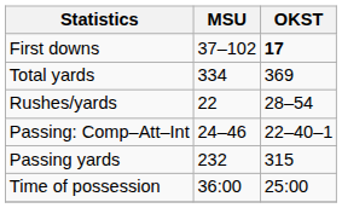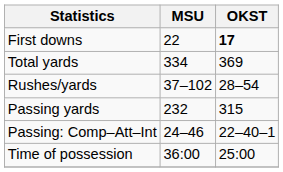 <table class="wikitable" style="float: left;">
 <tr>
 <th>Statistics</th>
 <th>MSU</th>
 <th>OKST</th>
 </tr>
 <tr>
 <td>First downs</td>
-<td>37–102</td>
+<td>22</td>
 <td><strong>17</strong></td>
 </tr>
 <tr>
 <td>Total yards</td>
 <td>334</td>
 <td>369</td>
 </tr>
 <tr>
 <td>Rushes/yards</td>
-<td>22</td>
+<td>37–102</td>
 <td>28–54</td>
+</tr>
+<tr>
+<td>Passing yards</td>
+<td>232</td>
+<td>315</td>
 </tr>
 <tr>
 <td>Passing: Comp–Att–Int</td>
 <td>24–46</td>
 <td>22–40–1</td>
-</tr>
-<tr>
-<td>Passing yards</td>
-<td>232</td>
-<td>315</td>
 </tr>
 <tr>
 <td>Time of possession</td>
 <td>36:00</td>
 <td>25:00</td>
 </tr>
 <tr>
 </tr>
 </table>
